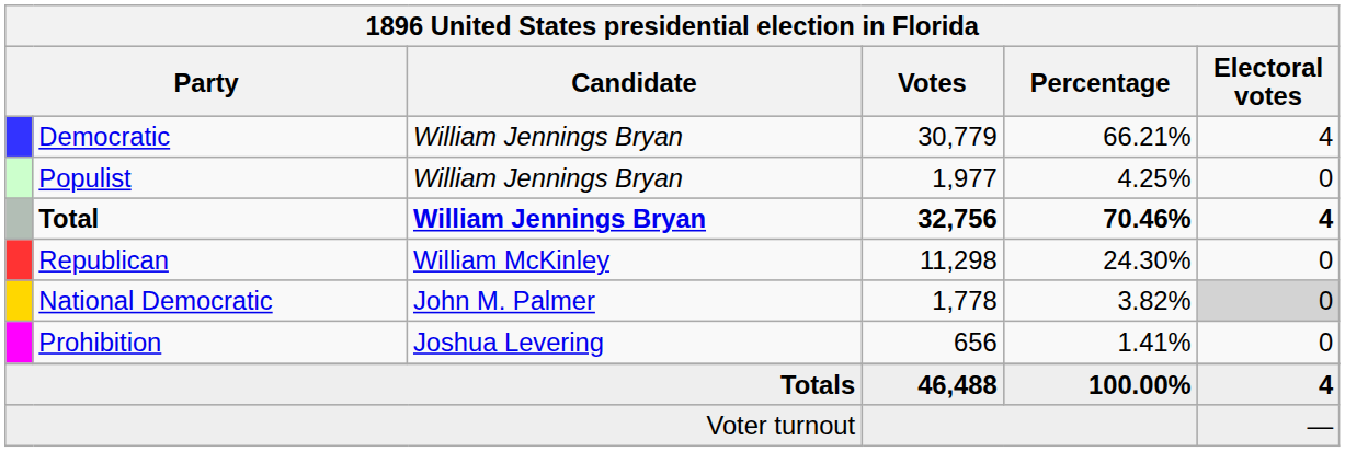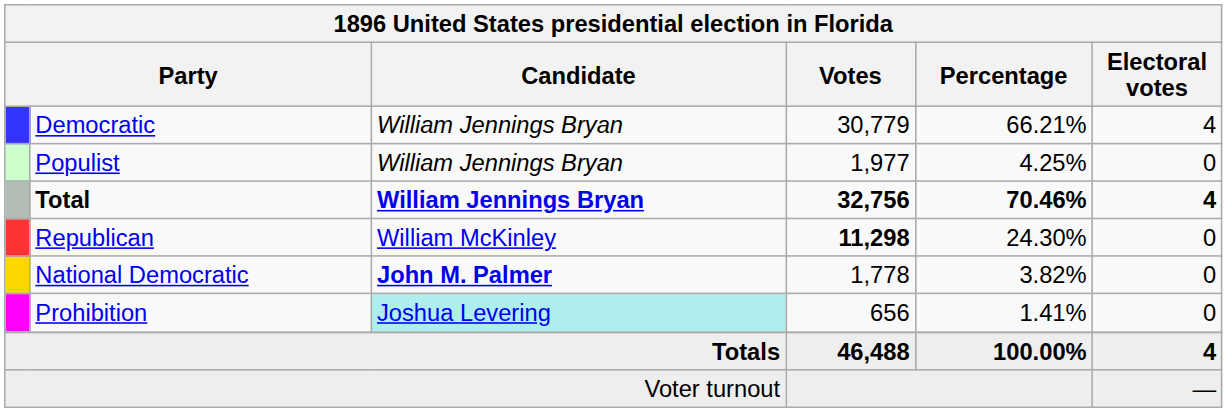 <table class="wikitable" style="font-size: 95%;">
 <tr>
 <th colspan="6">1896 United States presidential election in Florida</th>
 </tr>
 <tr>
 <th colspan="2" style="width: 15em">Party</th>
 <th style="width: 17em">Candidate</th>
 <th style="width: 5em">Votes</th>
 <th style="width: 7em">Percentage</th>
 <th style="width: 5em">Electoral votes</th>
 </tr>
 <tr>
 <th style="background-color:#3333FF; width: 3px"></th>
 <td style="width: 130px"><a href='#'>Democratic</a></td>
 <td><em>William Jennings Bryan</em></td>
 <td align="right">30,779</td>
 <td align="right">66.21%</td>
 <td align="right">4</td>
 </tr>
 <tr>
 <th style="background-color:#CCFFCC; width: 3px"></th>
 <td style="width: 130px"><a href='#'>Populist</a></td>
 <td><em>William Jennings Bryan</em></td>
 <td align="right">1,977</td>
 <td align="right">4.25%</td>
 <td align="right">0</td>
 </tr>
 <tr>
 <th style="background-color:#B2BEB5; width: 3px"></th>
 <td style="width: 130px"><strong> Total</strong></td>
 <td><strong><a href='#'>William Jennings Bryan</a></strong></td>
 <td align="right"><strong>32,756</strong></td>
 <td align="right"><strong>70.46%</strong></td>
 <td align="right"><strong>4</strong></td>
 </tr>
 <tr>
 <th style="background-color:#FF3333; width: 3px"></th>
 <td style="width: 130px"><a href='#'>Republican</a></td>
 <td><a href='#'>William McKinley</a></td>
-<td align="right">11,298</td>
+<td align="right"><strong>11,298</strong></td>
 <td align="right">24.30%</td>
 <td align="right">0</td>
 </tr>
 <tr>
 <th style="background-color:#FFD700; width: 3px"></th>
 <td style="width: 130px"><a href='#'>National Democratic</a></td>
-<td><a href='#'>John M. Palmer</a></td>
+<td><strong><a href='#'>John M. Palmer</a></strong></td>
 <td align="right">1,778</td>
 <td align="right">3.82%</td>
-<td align="right" style="background: lightgrey;">0</td>
+<td align="right">0</td>
 </tr>
 <tr>
 <th style="background-color:#FF00FF; width: 3px"></th>
 <td style="width: 130px"><a href='#'>Prohibition</a></td>
-<td><a href='#'>Joshua Levering</a></td>
+<td style="background: paleturquoise;"><a href='#'>Joshua Levering</a></td>
 <td align="right">656</td>
 <td align="right">1.41%</td>
 <td align="right">0</td>
 </tr>
 <tr>
 </tr>
 <tr bgcolor="#EEEEEE">
 <td colspan="3" align="right"><strong>Totals</strong></td>
 <td align="right"><strong>46,488</strong></td>
 <td align="right"><strong>100.00%</strong></td>
 <td align="right"><strong>4</strong></td>
 </tr>
 <tr bgcolor="#EEEEEE">
 <td colspan="3" align="right">Voter turnout</td>
 <td colspan="2" align="right"></td>
 <td align="right">—</td>
 </tr>
 </table>
